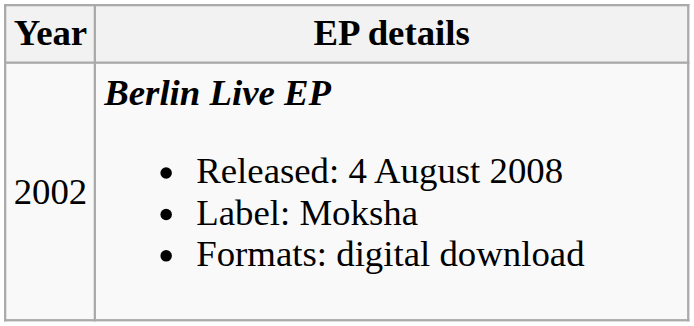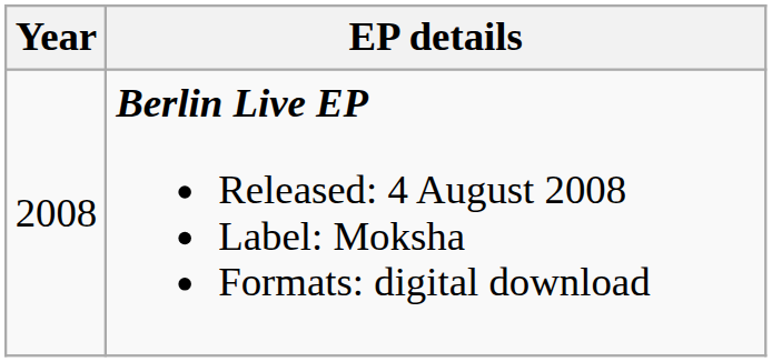 <table class="wikitable">
 <tr>
 <th>Year</th>
 <th style="width:250px;">EP details</th>
 </tr>
 <tr>
-<td>2002</td>
+<td>2008</td>
 <td><strong><em>Berlin Live EP</em></strong><br><ul><li>Released: 4 August 2008<br></li><li>Label: Moksha</li><li>Formats: digital download</li></ul></td>
 </tr>
 </table>
